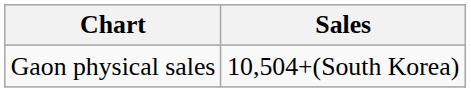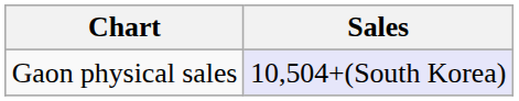 <table class="wikitable">
 <tr>
 <th>Chart</th>
 <th>Sales</th>
 </tr>
 <tr>
 <td>Gaon physical sales</td>
-<td>10,504+(South Korea)</td>
+<td style="background: lavender;">10,504+(South Korea)</td>
 </tr>
 </table>
